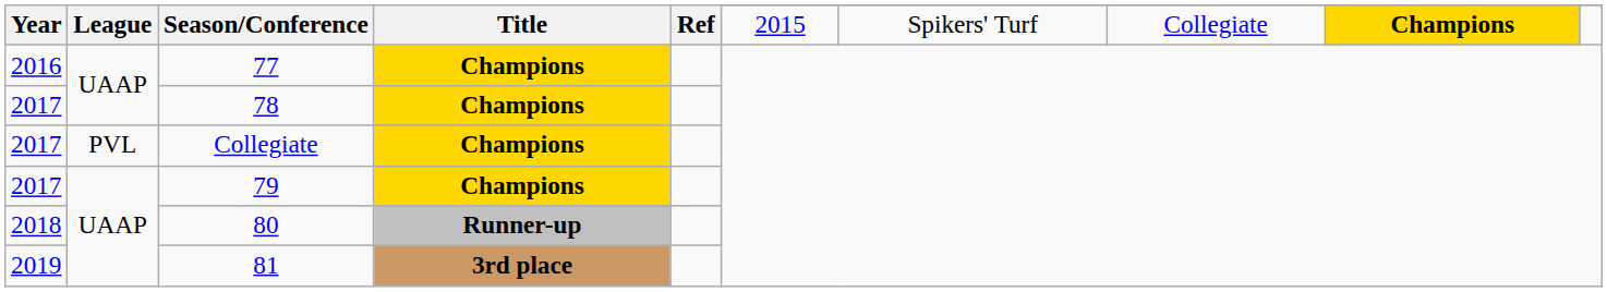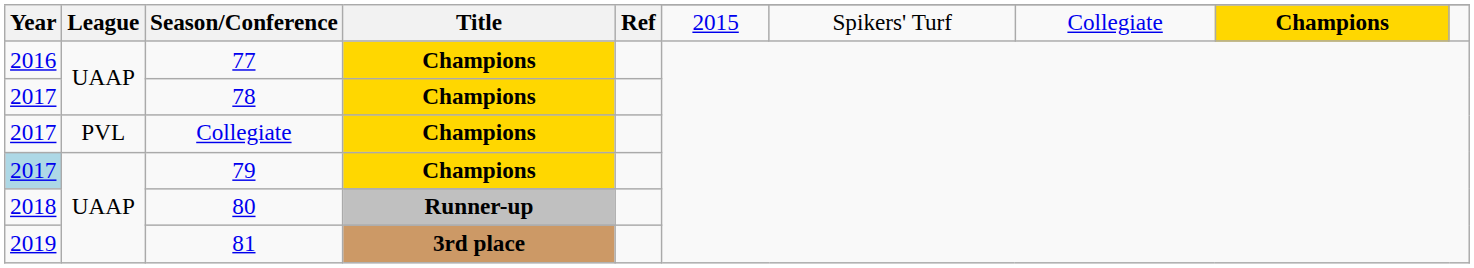 <table class="wikitable sortable" style="text-align:center" width="80%">
 <tr>
 <th style="width:5px;" rowspan="2">Year</th>
 <th style="width:25px;" rowspan="2">League</th>
 <th style="width:100px;" rowspan="2">Season/Conference</th>
 <th style="width:180px;" rowspan="2">Title</th>
 <th style="width:25px;" rowspan="2">Ref</th>
 </tr>
 <tr align=center>
 <td><a href='#'>2015</a></td>
 <td>Spikers' Turf</td>
 <td><a href='#'>Collegiate</a></td>
 <td style="background:gold;"><strong>Champions</strong></td>
 <td></td>
 </tr>
 <tr align=center>
 <td><a href='#'>2016</a></td>
 <td rowspan=2>UAAP</td>
 <td><a href='#'>77</a></td>
 <td style="background:gold;"><strong>Champions</strong></td>
 <td></td>
 </tr>
 <tr align=center>
 <td><a href='#'>2017</a></td>
 <td><a href='#'>78</a></td>
 <td style="background:gold;"><strong>Champions</strong></td>
 <td></td>
 </tr>
 <tr align=center>
 <td><a href='#'>2017</a></td>
 <td>PVL</td>
 <td><a href='#'>Collegiate</a></td>
 <td style="background:gold;"><strong>Champions</strong></td>
 <td></td>
 </tr>
 <tr align=center>
-<td><a href='#'>2017</a></td>
+<td style="background: lightblue;"><a href='#'>2017</a></td>
 <td rowspan=3>UAAP</td>
 <td><a href='#'>79</a></td>
 <td style="background:gold;"><strong>Champions</strong></td>
 <td></td>
 </tr>
 <tr align=center>
 <td><a href='#'>2018</a></td>
 <td><a href='#'>80</a></td>
 <td style="background:silver;"><strong>Runner-up</strong></td>
 <td></td>
 </tr>
 <tr align=center>
 <td><a href='#'>2019</a></td>
 <td><a href='#'>81</a></td>
 <td style="background:#cc9966;"><strong>3rd place</strong></td>
 <td></td>
 </tr>
 </table>
